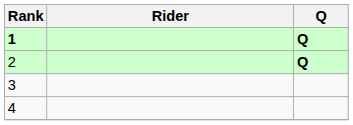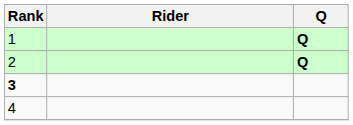 <table class="wikitable" style="font-size:95%" style="text-align:center">
 <tr>
 <th>Rank</th>
 <th width=250>Rider</th>
 <th width=50>Q</th>
 </tr>
 <tr bgcolor=ccffcc>
-<td><strong>1</strong></td>
+<td>1</td>
 <td align=left></td>
 <td><strong>Q</strong></td>
 </tr>
 <tr bgcolor=ccffcc>
 <td>2</td>
 <td align=left></td>
 <td><strong>Q</strong></td>
 </tr>
 <tr>
-<td>3</td>
+<td><strong>3</strong></td>
 <td align=left></td>
 <td></td>
 </tr>
 <tr>
 <td>4</td>
 <td align=left></td>
 <td></td>
 </tr>
 <tr>
 </tr>
 </table>
